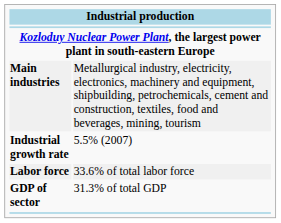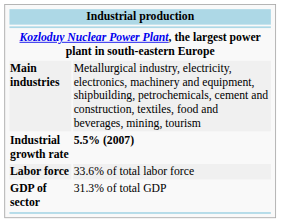 <table width="25%" style="toc: 25em; font-size: 85%; lucida grande, sans-serif; text-align: left;" class="infobox">
 <tr>
 <th align="center" bgcolor="lightblue" colspan="3">Industrial production</th>
 </tr>
 <tr>
 <th align="center" bgcolor="lightblue" colspan="3"></th>
 </tr>
 <tr>
 <th colspan="2" style="text-align:center"><em><a href='#'>Kozloduy Nuclear Power Plant</a></em>, the largest power plant in south-eastern Europe</th>
 </tr>
 <tr>
 <th style="background:#f0f0f0;" align="left" valign="top">Main industries</th>
 <td style="background:#f0f0f0;" valign="top">Metallurgical industry, electricity, electronics, machinery and equipment, shipbuilding, petrochemicals, cement and construction, textiles, food and beverages, mining, tourism</td>
 </tr>
 <tr>
 <th align="left" valign="top">Industrial growth rate</th>
-<td valign="top">5.5% (2007)</td>
+<td valign="top"><strong>5.5% (2007)</strong></td>
 </tr>
 <tr>
 <th style="background:#f0f0f0;" align="left" valign="top">Labor force</th>
 <td style="background:#f0f0f0;" valign="top">33.6% of total labor force</td>
 </tr>
 <tr>
 <th align="left" valign="top">GDP of sector</th>
 <td valign="top">31.3% of total GDP</td>
 </tr>
 <tr>
 <td align="center" bgcolor="lightblue" colspan="2"></td>
 </tr>
 </table>
